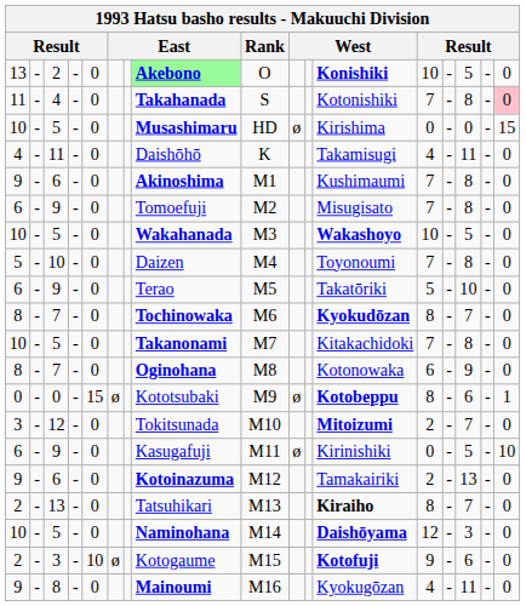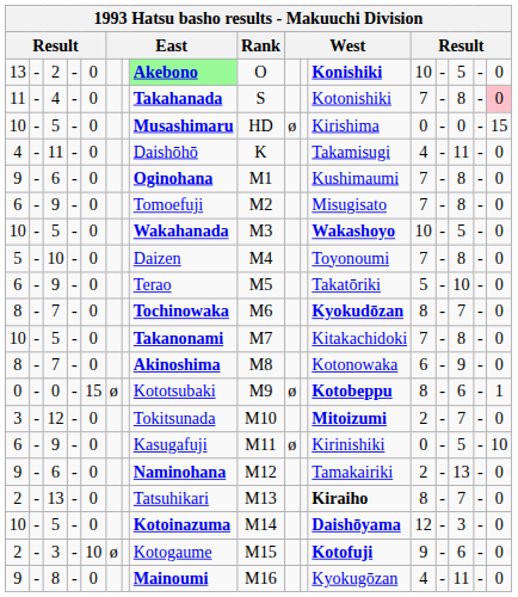 <table class="wikitable">
 <tr>
 <th colspan="17">1993 Hatsu basho results - Makuuchi Division</th>
 </tr>
 <tr>
 <th colspan="5">Result</th>
 <th colspan="3">East</th>
 <th>Rank</th>
 <th colspan="3">West</th>
 <th colspan="5">Result</th>
 </tr>
 <tr>
 <td align=center>13</td>
 <td align=center>-</td>
 <td align=center>2</td>
 <td align=center>-</td>
 <td align=center>0</td>
 <td align=center></td>
 <td align=center></td>
 <td style="background: PaleGreen;"><strong><a href='#'>Akebono</a></strong></td>
 <td align=center>O</td>
 <td align=center></td>
 <td align=center></td>
 <td><strong><a href='#'>Konishiki</a></strong></td>
 <td align=center>10</td>
 <td align=center>-</td>
 <td align=center>5</td>
 <td align=center>-</td>
 <td align=center>0</td>
 </tr>
 <tr>
 <td align=center>11</td>
 <td align=center>-</td>
 <td align=center>4</td>
 <td align=center>-</td>
 <td align=center>0</td>
 <td align=center></td>
 <td align=center></td>
 <td><strong><a href='#'>Takahanada</a></strong></td>
 <td align=center>S</td>
 <td align=center></td>
 <td align=center></td>
 <td><a href='#'>Kotonishiki</a></td>
 <td align=center>7</td>
 <td align=center>-</td>
 <td align=center>8</td>
 <td align=center>-</td>
 <td align=center style="background: pink;">0</td>
 </tr>
 <tr>
 <td align=center>10</td>
 <td align=center>-</td>
 <td align=center>5</td>
 <td align=center>-</td>
 <td align=center>0</td>
 <td align=center></td>
 <td align=center></td>
 <td><strong><a href='#'>Musashimaru</a></strong></td>
 <td align=center>HD</td>
 <td align=center>ø</td>
 <td align=center></td>
 <td><a href='#'>Kirishima</a></td>
 <td align=center>0</td>
 <td align=center>-</td>
 <td align=center>0</td>
 <td align=center>-</td>
 <td align=center>15</td>
 </tr>
 <tr>
 <td align=center>4</td>
 <td align=center>-</td>
 <td align=center>11</td>
 <td align=center>-</td>
 <td align=center>0</td>
 <td align=center></td>
 <td align=center></td>
 <td><a href='#'>Daishōhō</a></td>
 <td align=center>K</td>
 <td align=center></td>
 <td align=center></td>
 <td><a href='#'>Takamisugi</a></td>
 <td align=center>4</td>
 <td align=center>-</td>
 <td align=center>11</td>
 <td align=center>-</td>
 <td align=center>0</td>
 </tr>
 <tr>
 <td align=center>9</td>
 <td align=center>-</td>
 <td align=center>6</td>
 <td align=center>-</td>
 <td align=center>0</td>
 <td align=center></td>
 <td align=center></td>
-<td><strong><a href='#'>Akinoshima</a></strong></td>
+<td><strong><a href='#'>Oginohana</a></strong></td>
 <td align=center>M1</td>
 <td align=center></td>
 <td align=center></td>
 <td><a href='#'>Kushimaumi</a></td>
 <td align=center>7</td>
 <td align=center>-</td>
 <td align=center>8</td>
 <td align=center>-</td>
 <td align=center>0</td>
 </tr>
 <tr>
 <td align=center>6</td>
 <td align=center>-</td>
 <td align=center>9</td>
 <td align=center>-</td>
 <td align=center>0</td>
 <td align=center></td>
 <td align=center></td>
 <td><a href='#'>Tomoefuji</a></td>
 <td align=center>M2</td>
 <td align=center></td>
 <td align=center></td>
 <td><a href='#'>Misugisato</a></td>
 <td align=center>7</td>
 <td align=center>-</td>
 <td align=center>8</td>
 <td align=center>-</td>
 <td align=center>0</td>
 </tr>
 <tr>
 <td align=center>10</td>
 <td align=center>-</td>
 <td align=center>5</td>
 <td align=center>-</td>
 <td align=center>0</td>
 <td align=center></td>
 <td align=center></td>
 <td><strong><a href='#'>Wakahanada</a></strong></td>
 <td align=center>M3</td>
 <td align=center></td>
 <td align=center></td>
 <td><strong><a href='#'>Wakashoyo</a></strong></td>
 <td align=center>10</td>
 <td align=center>-</td>
 <td align=center>5</td>
 <td align=center>-</td>
 <td align=center>0</td>
 </tr>
 <tr>
 <td align=center>5</td>
 <td align=center>-</td>
 <td align=center>10</td>
 <td align=center>-</td>
 <td align=center>0</td>
 <td align=center></td>
 <td align=center></td>
 <td><a href='#'>Daizen</a></td>
 <td align=center>M4</td>
 <td align=center></td>
 <td align=center></td>
 <td><a href='#'>Toyonoumi</a></td>
 <td align=center>7</td>
 <td align=center>-</td>
 <td align=center>8</td>
 <td align=center>-</td>
 <td align=center>0</td>
 </tr>
 <tr>
 <td align=center>6</td>
 <td align=center>-</td>
 <td align=center>9</td>
 <td align=center>-</td>
 <td align=center>0</td>
 <td align=center></td>
 <td align=center></td>
 <td><a href='#'>Terao</a></td>
 <td align=center>M5</td>
 <td align=center></td>
 <td align=center></td>
 <td><a href='#'>Takatōriki</a></td>
 <td align=center>5</td>
 <td align=center>-</td>
 <td align=center>10</td>
 <td align=center>-</td>
 <td align=center>0</td>
 </tr>
 <tr>
 <td align=center>8</td>
 <td align=center>-</td>
 <td align=center>7</td>
 <td align=center>-</td>
 <td align=center>0</td>
 <td align=center></td>
 <td align=center></td>
 <td><strong><a href='#'>Tochinowaka</a></strong></td>
 <td align=center>M6</td>
 <td align=center></td>
 <td align=center></td>
 <td><strong><a href='#'>Kyokudōzan</a></strong></td>
 <td align=center>8</td>
 <td align=center>-</td>
 <td align=center>7</td>
 <td align=center>-</td>
 <td align=center>0</td>
 </tr>
 <tr>
 <td align=center>10</td>
 <td align=center>-</td>
 <td align=center>5</td>
 <td align=center>-</td>
 <td align=center>0</td>
 <td align=center></td>
 <td align=center></td>
 <td><strong><a href='#'>Takanonami</a></strong></td>
 <td align=center>M7</td>
 <td align=center></td>
 <td align=center></td>
 <td><a href='#'>Kitakachidoki</a></td>
 <td align=center>7</td>
 <td align=center>-</td>
 <td align=center>8</td>
 <td align=center>-</td>
 <td align=center>0</td>
 </tr>
 <tr>
 <td align=center>8</td>
 <td align=center>-</td>
 <td align=center>7</td>
 <td align=center>-</td>
 <td align=center>0</td>
 <td align=center></td>
 <td align=center></td>
-<td><strong><a href='#'>Oginohana</a></strong></td>
+<td><strong><a href='#'>Akinoshima</a></strong></td>
 <td align=center>M8</td>
 <td align=center></td>
 <td align=center></td>
 <td><a href='#'>Kotonowaka</a></td>
 <td align=center>6</td>
 <td align=center>-</td>
 <td align=center>9</td>
 <td align=center>-</td>
 <td align=center>0</td>
 </tr>
 <tr>
 <td align=center>0</td>
 <td align=center>-</td>
 <td align=center>0</td>
 <td align=center>-</td>
 <td align=center>15</td>
 <td align=center>ø</td>
 <td align=center></td>
 <td><a href='#'>Kototsubaki</a></td>
 <td align=center>M9</td>
 <td align=center>ø</td>
 <td align=center></td>
 <td><strong><a href='#'>Kotobeppu</a></strong></td>
 <td align=center>8</td>
 <td align=center>-</td>
 <td align=center>6</td>
 <td align=center>-</td>
 <td align=center>1</td>
 </tr>
 <tr>
 <td align=center>3</td>
 <td align=center>-</td>
 <td align=center>12</td>
 <td align=center>-</td>
 <td align=center>0</td>
 <td align=center></td>
 <td align=center></td>
 <td><a href='#'>Tokitsunada</a></td>
 <td align=center>M10</td>
 <td align=center></td>
 <td align=center></td>
 <td><strong><a href='#'>Mitoizumi</a></strong></td>
 <td align=center>2</td>
 <td align=center>-</td>
 <td align=center>7</td>
 <td align=center>-</td>
 <td align=center>0</td>
 </tr>
 <tr>
 <td align=center>6</td>
 <td align=center>-</td>
 <td align=center>9</td>
 <td align=center>-</td>
 <td align=center>0</td>
 <td align=center></td>
 <td align=center></td>
 <td><a href='#'>Kasugafuji</a></td>
 <td align=center>M11</td>
 <td align=center>ø</td>
 <td align=center></td>
 <td><a href='#'>Kirinishiki</a></td>
 <td align=center>0</td>
 <td align=center>-</td>
 <td align=center>5</td>
 <td align=center>-</td>
 <td align=center>10</td>
 </tr>
 <tr>
 <td align=center>9</td>
 <td align=center>-</td>
 <td align=center>6</td>
 <td align=center>-</td>
 <td align=center>0</td>
 <td align=center></td>
 <td align=center></td>
-<td><strong><a href='#'>Kotoinazuma</a></strong></td>
+<td><strong><a href='#'>Naminohana</a></strong></td>
 <td align=center>M12</td>
 <td align=center></td>
 <td align=center></td>
 <td><a href='#'>Tamakairiki</a></td>
 <td align=center>2</td>
 <td align=center>-</td>
 <td align=center>13</td>
 <td align=center>-</td>
 <td align=center>0</td>
 </tr>
 <tr>
 <td align=center>2</td>
 <td align=center>-</td>
 <td align=center>13</td>
 <td align=center>-</td>
 <td align=center>0</td>
 <td align=center></td>
 <td align=center></td>
 <td><a href='#'>Tatsuhikari</a></td>
 <td align=center>M13</td>
 <td align=center></td>
 <td align=center></td>
 <td><strong>Kiraiho</strong></td>
 <td align=center>8</td>
 <td align=center>-</td>
 <td align=center>7</td>
 <td align=center>-</td>
 <td align=center>0</td>
 </tr>
 <tr>
 <td align=center>10</td>
 <td align=center>-</td>
 <td align=center>5</td>
 <td align=center>-</td>
 <td align=center>0</td>
 <td align=center></td>
 <td align=center></td>
-<td><strong><a href='#'>Naminohana</a></strong></td>
+<td><strong><a href='#'>Kotoinazuma</a></strong></td>
 <td align=center>M14</td>
 <td align=center></td>
 <td align=center></td>
 <td><strong><a href='#'>Daishōyama</a></strong></td>
 <td align=center>12</td>
 <td align=center>-</td>
 <td align=center>3</td>
 <td align=center>-</td>
 <td align=center>0</td>
 </tr>
 <tr>
 <td align=center>2</td>
 <td align=center>-</td>
 <td align=center>3</td>
 <td align=center>-</td>
 <td align=center>10</td>
 <td align=center>ø</td>
 <td align=center></td>
 <td><a href='#'>Kotogaume</a></td>
 <td align=center>M15</td>
 <td align=center></td>
 <td align=center></td>
 <td><strong><a href='#'>Kotofuji</a></strong></td>
 <td align=center>9</td>
 <td align=center>-</td>
 <td align=center>6</td>
 <td align=center>-</td>
 <td align=center>0</td>
 </tr>
 <tr>
 <td align=center>9</td>
 <td align=center>-</td>
 <td align=center>8</td>
 <td align=center>-</td>
 <td align=center>0</td>
 <td align=center></td>
 <td align=center></td>
 <td><strong><a href='#'>Mainoumi</a></strong></td>
 <td align=center>M16</td>
 <td align=center></td>
 <td align=center></td>
 <td><a href='#'>Kyokugōzan</a></td>
 <td align=center>4</td>
 <td align=center>-</td>
 <td align=center>11</td>
 <td align=center>-</td>
 <td align=center>0</td>
 </tr>
 </table>
